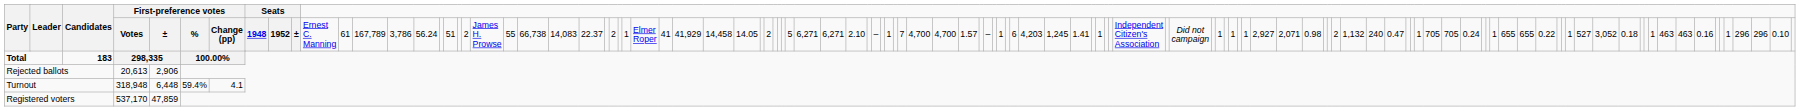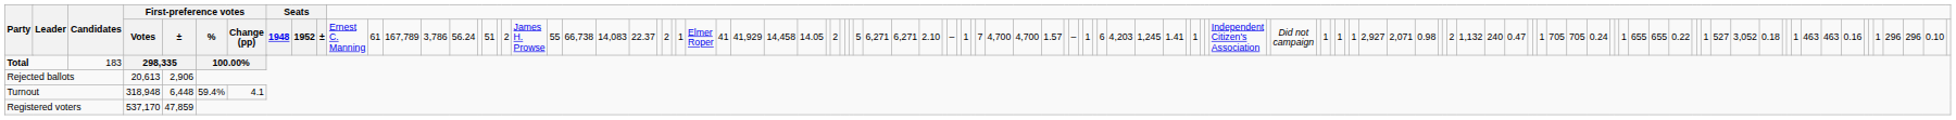 <table class="wikitable" style="text-align:right; font-size:85%">
 <tr>
 <th rowspan="2" colspan="2" style="width:15%">Party</th>
 <th rowspan="2">Leader</th>
 <th rowspan="2">Candidates</th>
 <th colspan="6">First-preference votes</th>
 <th colspan="3">Seats</th>
 </tr>
 <tr>
 <th>Votes</th>
 <th>±</th>
 <th>% </th>
 <th colspan="3">Change (pp)</th>
 <th><a href='#'>1948</a></th>
 <th>1952</th>
 <th>±<br></th>
 <td style="text-align:left;"><a href='#'>Ernest C. Manning</a></td>
 <td>61</td>
 <td>167,789</td>
 <td>3,786</td>
 <td>56.24</td>
 <td></td>
 <td>51</td>
 <td></td>
 <td>2<br></td>
 <td style="text-align:left;"><a href='#'>James H. Prowse</a></td>
 <td>55</td>
 <td>66,738</td>
 <td>14,083</td>
 <td>22.37</td>
 <td></td>
 <td>2</td>
 <td></td>
 <td>1<br></td>
 <td style="text-align:left;"><a href='#'>Elmer Roper</a></td>
 <td>41</td>
 <td>41,929</td>
 <td>14,458</td>
 <td>14.05</td>
 <td></td>
 <td>2</td>
 <td></td>
 <td><br></td>
 <td style="text-align:left;"></td>
 <td>5</td>
 <td>6,271</td>
 <td>6,271</td>
 <td>2.10</td>
 <td></td>
 <td>–</td>
 <td></td>
 <td>1<br></td>
 <td style="text-align:left;"></td>
 <td>7</td>
 <td>4,700</td>
 <td>4,700</td>
 <td>1.57</td>
 <td></td>
 <td>–</td>
 <td></td>
 <td>1<br></td>
 <td style="text-align:left;"></td>
 <td>6</td>
 <td>4,203</td>
 <td>1,245</td>
 <td>1.41</td>
 <td></td>
 <td>1</td>
 <td></td>
 <td><br></td>
 <td style="text-align:left;"><a href='#'>Independent Citizen's Association</a></td>
 <td style="text-align:left;"></td>
 <td colspan="4" style="text-align:center;"><em>Did not campaign</em></td>
 <td></td>
 <td>1</td>
 <td></td>
 <td>1<br></td>
 <td></td>
 <td>1</td>
 <td>2,927</td>
 <td>2,071</td>
 <td>0.98</td>
 <td><br></td>
 <td style="text-align:left;"></td>
 <td>2</td>
 <td>1,132</td>
 <td>240</td>
 <td>0.47</td>
 <td><br></td>
 <td style="text-align:left;"></td>
 <td>1</td>
 <td>705</td>
 <td>705</td>
 <td>0.24</td>
 <td><br></td>
 <td style="text-align:left;"></td>
 <td>1</td>
 <td>655</td>
 <td>655</td>
 <td>0.22</td>
 <td><br></td>
 <td style="text-align:left;"></td>
 <td>1</td>
 <td>527</td>
 <td>3,052</td>
 <td>0.18</td>
 <td><br></td>
 <td style="text-align:left;"></td>
 <td>1</td>
 <td>463</td>
 <td>463</td>
 <td>0.16</td>
 <td><br></td>
 <td style="text-align:left;"></td>
 <td>1</td>
 <td>296</td>
 <td>296</td>
 <td>0.10</td>
 <td></td>
 </tr>
 <tr>
 <td colspan="3" style="text-align: left;"><strong>Total</strong></td>
-<td><strong>183</strong></td>
+<td>183</td>
 <th colspan="2">298,335</th>
 <th colspan="2">100.00%</th>
 </tr>
 <tr>
 <td colspan="4" style="text-align:left;">Rejected ballots</td>
 <td>20,613</td>
 <td>2,906</td>
 </tr>
 <tr>
 <td colspan="4" style="text-align:left;">Turnout</td>
 <td>318,948</td>
 <td>6,448</td>
 <td>59.4%</td>
 <td>4.1</td>
 </tr>
 <tr>
 <td colspan="4" style="text-align:left;">Registered voters</td>
 <td>537,170</td>
 <td>47,859</td>
 </tr>
 </table>
